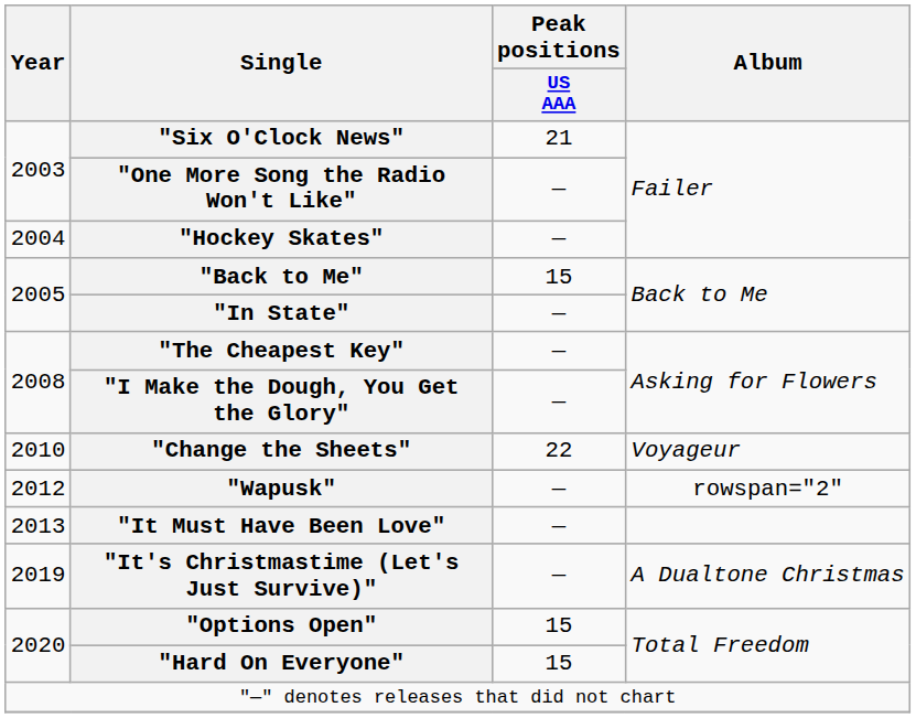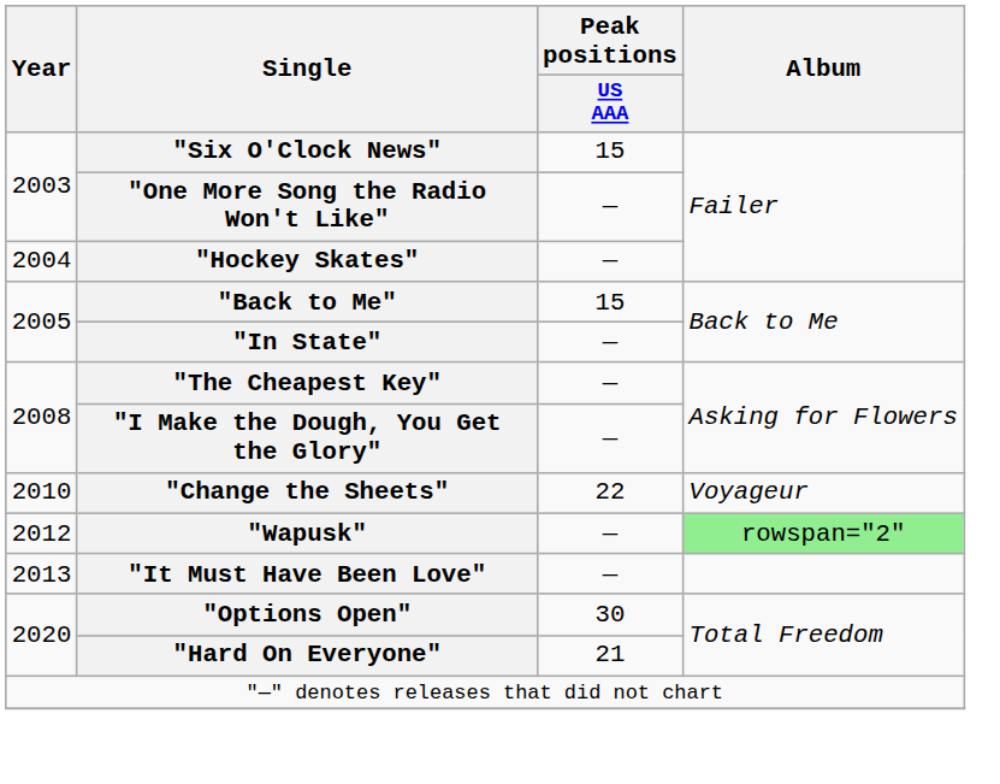 <table class="wikitable plainrowheaders" style="text-align:center;">
 <tr>
 <th rowspan="2">Year</th>
 <th rowspan="2" style="width:18em;">Single</th>
 <th>Peak positions</th>
 <th rowspan="2">Album</th>
 </tr>
 <tr style="font-size:smaller;">
 <th style="width:65px;"><a href='#'>US<br>AAA</a><br></th>
 </tr>
 <tr>
 <td rowspan="2">2003</td>
 <th scope="row">"Six O'Clock News"</th>
-<td>21</td>
+<td>15</td>
 <td align="left" rowspan="3"><em>Failer</em></td>
 </tr>
 <tr>
 <th scope="row">"One More Song the Radio Won't Like"</th>
 <td>—</td>
 </tr>
 <tr>
 <td>2004</td>
 <th scope="row">"Hockey Skates"</th>
 <td>—</td>
 </tr>
 <tr>
 <td rowspan="2">2005</td>
 <th scope="row">"Back to Me"</th>
 <td>15</td>
 <td align="left" rowspan="2"><em>Back to Me</em></td>
 </tr>
 <tr>
 <th scope="row">"In State"</th>
 <td>—</td>
 </tr>
 <tr>
 <td rowspan="2">2008</td>
 <th scope="row">"The Cheapest Key"</th>
 <td>—</td>
 <td align="left" rowspan="2"><em>Asking for Flowers</em></td>
 </tr>
 <tr>
 <th scope="row">"I Make the Dough, You Get the Glory"</th>
 <td>—</td>
 </tr>
 <tr>
 <td>2010</td>
 <th scope="row">"Change the Sheets"</th>
 <td>22</td>
 <td align="left"><em>Voyageur</em></td>
 </tr>
 <tr>
 <td>2012</td>
 <th scope="row">"Wapusk"</th>
 <td>—</td>
-<td>rowspan="2" </td>
+<td style="background: lightgreen;">rowspan="2" </td>
 </tr>
 <tr>
 <td>2013</td>
 <th scope="row">"It Must Have Been Love"</th>
 <td>—</td>
 </tr>
 <tr>
-<td>2019</td>
-<th scope="row">"It's Christmastime (Let's Just Survive)"</th>
-<td>—</td>
-<td align="left"><em>A Dualtone Christmas</em></td>
-</tr>
-<tr>
 <td rowspan="2">2020</td>
 <th scope="row">"Options Open"</th>
-<td>15</td>
+<td>30</td>
 <td align="left" rowspan="2"><em>Total Freedom</em></td>
 </tr>
 <tr>
 <th scope="row">"Hard On Everyone"</th>
-<td>15</td>
+<td>21</td>
 </tr>
 <tr>
 <td colspan="4" style="font-size:8pt">"—" denotes releases that did not chart</td>
 </tr>
 <tr>
 </tr>
 </table>
